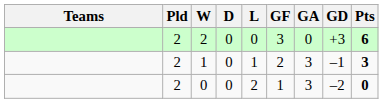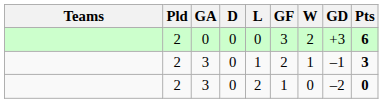 <table class="wikitable" style="text-align: center;">
 <tr>
 <th width=165>Teams</th>
 <th width=20>Pld</th>
-<th width=20>W</th>
+<th width=20>GA</th>
 <th width=20>D</th>
 <th width=20>L</th>
 <th width=20>GF</th>
-<th width=20>GA</th>
+<th width=20>W</th>
 <th width=20>GD</th>
 <th width=20>Pts</th>
 </tr>
 <tr align=center style="background:#ccffcc;">
 <td style="text-align:left;"></td>
 <td>2</td>
-<td>2</td>
+<td>0</td>
 <td>0</td>
 <td>0</td>
 <td>3</td>
-<td>0</td>
+<td>2</td>
 <td>+3</td>
 <td><strong>6</strong></td>
 </tr>
 <tr align=center>
 <td style="text-align:left;"></td>
 <td>2</td>
-<td>1</td>
+<td>3</td>
 <td>0</td>
 <td>1</td>
 <td>2</td>
-<td>3</td>
+<td>1</td>
 <td>–1</td>
 <td><strong>3</strong></td>
 </tr>
 <tr align=center>
 <td style="text-align:left;"></td>
 <td>2</td>
-<td>0</td>
+<td>3</td>
 <td>0</td>
 <td>2</td>
 <td>1</td>
-<td>3</td>
+<td>0</td>
 <td>–2</td>
 <td><strong>0</strong></td>
 </tr>
 </table>
